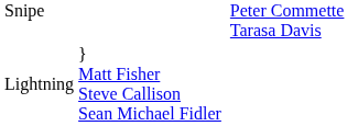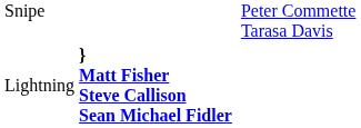 <table>
 <tr>
 <td>Snipe<br></td>
 <td></td>
 <td></td>
 <td><br><a href='#'>Peter Commette</a><br><a href='#'>Tarasa Davis</a></td>
 </tr>
 <tr>
 <td>Lightning<br></td>
-<td>}<br><a href='#'>Matt Fisher</a><br><a href='#'>Steve Callison</a><br><a href='#'>Sean Michael Fidler</a></td>
+<td><strong>}<br><a href='#'>Matt Fisher</a><br><a href='#'>Steve Callison</a><br><a href='#'>Sean Michael Fidler</a></strong></td>
 <td></td>
 <td></td>
 </tr>
 </table>
